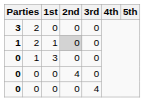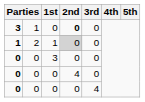 <table class="wikitable" style="text-align:right;">
 <tr>
 <th colspan=2 style="text-align:left;">Parties</th>
 <th>1st</th>
 <th>2nd</th>
 <th>3rd</th>
 <th>4th</th>
 <th>5th</th>
 </tr>
 <tr>
 <td><strong>3</strong></td>
-<td>2</td>
+<td>1</td>
 <td>0</td>
-<td>0</td>
+<td><strong>0</strong></td>
 <td>0</td>
 </tr>
 <tr>
 <td><strong>1</strong></td>
 <td>2</td>
 <td>1</td>
 <td style="background: lightgrey;">0</td>
 <td>0</td>
 </tr>
 <tr>
 <td><strong>0</strong></td>
-<td>1</td>
+<td>0</td>
 <td>3</td>
 <td>0</td>
 <td>0</td>
 </tr>
 <tr>
 <td><strong>0</strong></td>
 <td>0</td>
 <td>0</td>
 <td>4</td>
 <td>0</td>
 </tr>
 <tr>
 <td><strong>0</strong></td>
 <td>0</td>
 <td>0</td>
 <td>0</td>
 <td>4</td>
 </tr>
 </table>
